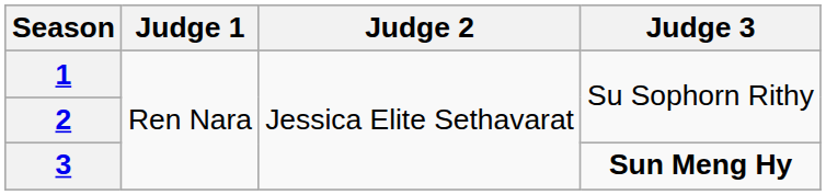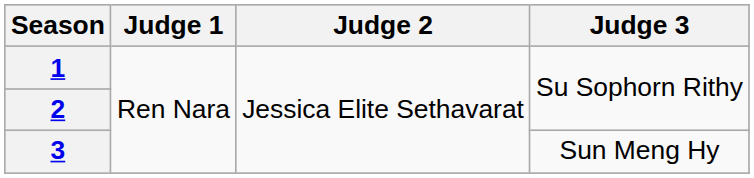 <table class="wikitable" style="text-align:center;">
 <tr>
 <th scope="col">Season</th>
 <th scope="col">Judge 1</th>
 <th scope="col">Judge 2</th>
 <th scope="col">Judge 3</th>
 </tr>
 <tr>
 <th scope="row"><a href='#'>1</a></th>
 <td rowspan="3">Ren Nara</td>
 <td rowspan="3">Jessica Elite Sethavarat</td>
 <td rowspan="2">Su Sophorn Rithy</td>
 </tr>
 <tr>
 <th scope="row"><a href='#'>2</a></th>
 </tr>
 <tr>
 <th scope="row"><a href='#'>3</a></th>
-<td><strong>Sun Meng Hy</strong></td>
+<td>Sun Meng Hy</td>
 </tr>
 </table>
